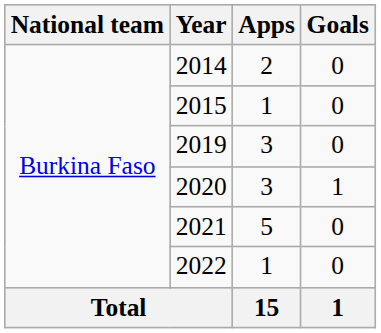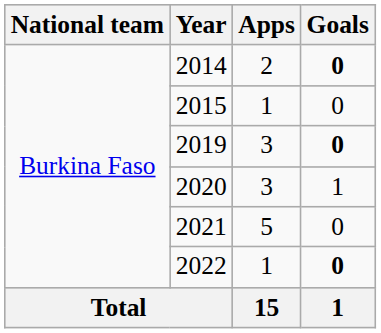 <table class="wikitable" style=text-align:center>
 <tr>
 <th>National team</th>
 <th>Year</th>
 <th>Apps</th>
 <th>Goals</th>
 </tr>
 <tr>
 <td rowspan=6><a href='#'>Burkina Faso</a></td>
 <td>2014</td>
 <td>2</td>
-<td>0</td>
+<td><strong>0</strong></td>
 </tr>
 <tr>
 <td>2015</td>
 <td>1</td>
 <td>0</td>
 </tr>
 <tr>
 <td>2019</td>
 <td>3</td>
-<td>0</td>
+<td><strong>0</strong></td>
 </tr>
 <tr>
 <td>2020</td>
 <td>3</td>
 <td>1</td>
 </tr>
 <tr>
 <td>2021</td>
 <td>5</td>
 <td>0</td>
 </tr>
 <tr>
 <td>2022</td>
 <td>1</td>
-<td>0</td>
+<td><strong>0</strong></td>
 </tr>
 <tr>
 <th colspan=2>Total</th>
 <th>15</th>
 <th>1</th>
 </tr>
 </table>
